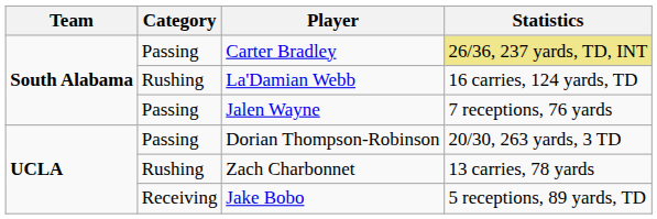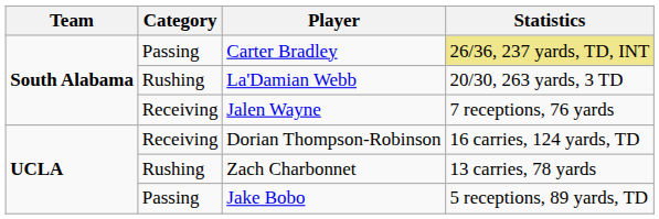 <table class="wikitable" style="float: right;">
 <tr>
 <th>Team</th>
 <th>Category</th>
 <th>Player</th>
 <th>Statistics</th>
 </tr>
 <tr>
 <td rowspan=3><strong>South Alabama</strong></td>
 <td>Passing</td>
 <td><a href='#'>Carter Bradley</a></td>
 <td style="background: khaki;">26/36, 237 yards, TD, INT</td>
 </tr>
 <tr>
 <td>Rushing</td>
 <td><a href='#'>La'Damian Webb</a></td>
-<td>16 carries, 124 yards, TD</td>
+<td>20/30, 263 yards, 3 TD</td>
 </tr>
 <tr>
-<td>Passing</td>
+<td>Receiving</td>
 <td><a href='#'>Jalen Wayne</a></td>
 <td>7 receptions, 76 yards</td>
 </tr>
 <tr>
 <td rowspan=3><strong>UCLA</strong></td>
-<td>Passing</td>
+<td>Receiving</td>
 <td>Dorian Thompson-Robinson</td>
-<td>20/30, 263 yards, 3 TD</td>
+<td>16 carries, 124 yards, TD</td>
 </tr>
 <tr>
 <td>Rushing</td>
 <td>Zach Charbonnet</td>
 <td>13 carries, 78 yards</td>
 </tr>
 <tr>
-<td>Receiving</td>
+<td>Passing</td>
 <td><a href='#'>Jake Bobo</a></td>
 <td>5 receptions, 89 yards, TD</td>
 </tr>
 </table>
